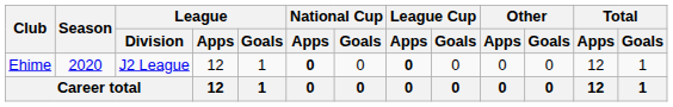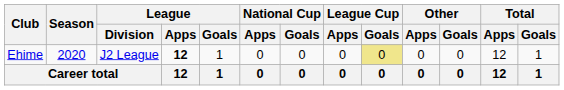 <table class="wikitable" style="text-align: center;">
 <tr>
 <th rowspan="2">Club</th>
 <th rowspan="2">Season</th>
 <th colspan="3">League</th>
 <th colspan="2">National Cup</th>
 <th colspan="2">League Cup</th>
 <th colspan="2">Other</th>
 <th colspan="2">Total</th>
 </tr>
 <tr>
 <th>Division</th>
 <th>Apps</th>
 <th>Goals</th>
 <th>Apps</th>
 <th>Goals</th>
 <th>Apps</th>
 <th>Goals</th>
 <th>Apps</th>
 <th>Goals</th>
 <th>Apps</th>
 <th>Goals</th>
 </tr>
 <tr>
 <td><a href='#'>Ehime</a></td>
 <td><a href='#'>2020</a></td>
 <td><a href='#'>J2 League</a></td>
-<td>12</td>
+<td><strong>12</strong></td>
 <td>1</td>
-<td><strong>0</strong></td>
 <td>0</td>
-<td><strong>0</strong></td>
 <td>0</td>
+<td>0</td>
+<td style="background: khaki;">0</td>
 <td>0</td>
 <td>0</td>
 <td>12</td>
 <td>1</td>
 </tr>
 <tr>
 <th colspan=3>Career total</th>
 <th>12</th>
 <th>1</th>
 <th>0</th>
 <th>0</th>
 <th>0</th>
 <th>0</th>
 <th>0</th>
 <th>0</th>
 <th>12</th>
 <th>1</th>
 </tr>
 </table>
